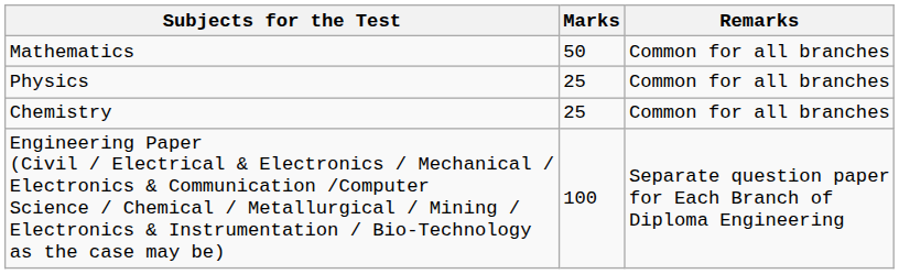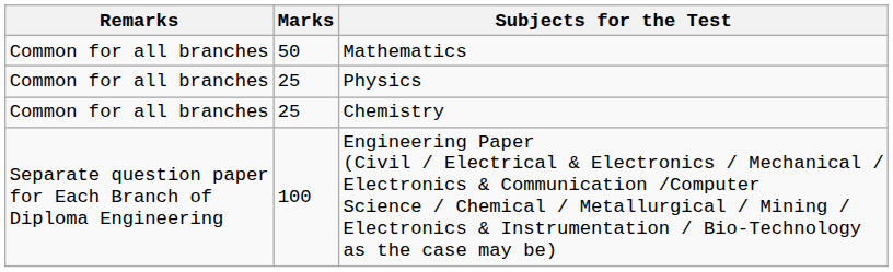 <table class="wikitable">
 <tr>
+<th>Remarks</th>
+<th>Marks</th>
 <th>Subjects for the Test</th>
-<th>Marks</th>
-<th>Remarks</th>
 </tr>
 <tr>
+<td>Common for all branches</td>
+<td>50</td>
 <td>Mathematics</td>
-<td>50</td>
-<td>Common for all branches</td>
 </tr>
 <tr>
+<td>Common for all branches</td>
+<td>25</td>
 <td>Physics</td>
-<td>25</td>
-<td>Common for all branches</td>
 </tr>
 <tr>
+<td>Common for all branches</td>
+<td>25</td>
 <td>Chemistry</td>
-<td>25</td>
-<td>Common for all branches</td>
 </tr>
 <tr>
+<td>Separate question paper<br>for Each Branch of<br>Diploma Engineering</td>
+<td>100</td>
 <td>Engineering Paper<br>(Civil / Electrical & Electronics / Mechanical /<br>Electronics & Communication /Computer<br>Science / Chemical / Metallurgical / Mining /<br>Electronics & Instrumentation / Bio-Technology<br>as the case may be)</td>
-<td>100</td>
-<td>Separate question paper<br>for Each Branch of<br>Diploma Engineering</td>
 </tr>
 </table>
